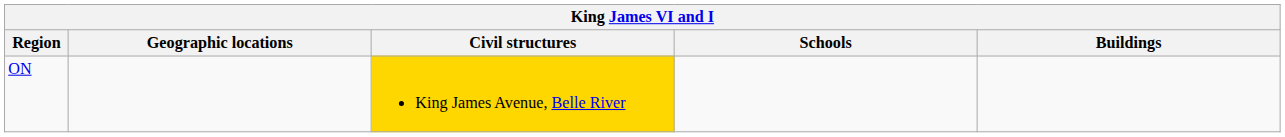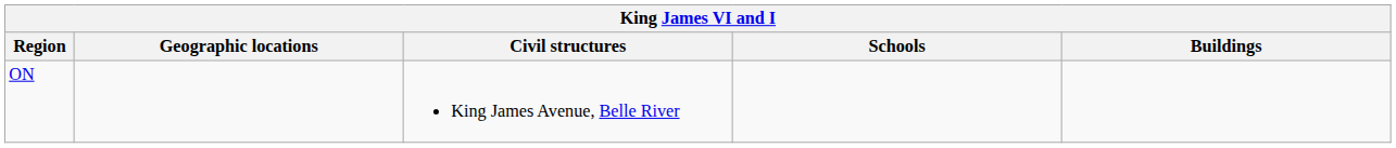 <table class="wikitable" width="100%">
 <tr>
 <th colspan="5"> King <a href='#'>James VI and I</a></th>
 </tr>
 <tr>
 <th width="5%">Region</th>
 <th width="23.75%">Geographic locations</th>
 <th width="23.75%">Civil structures</th>
 <th width="23.75%">Schools</th>
 <th width="23.75%">Buildings</th>
 </tr>
 <tr>
 <td align=left valign=top> <a href='#'>ON</a></td>
 <td></td>
-<td align=left valign=top style="background: gold;"><br><ul><li>King James Avenue, <a href='#'>Belle River</a></li></ul></td>
+<td align=left valign=top><br><ul><li>King James Avenue, <a href='#'>Belle River</a></li></ul></td>
 <td></td>
 <td></td>
 </tr>
 </table>
